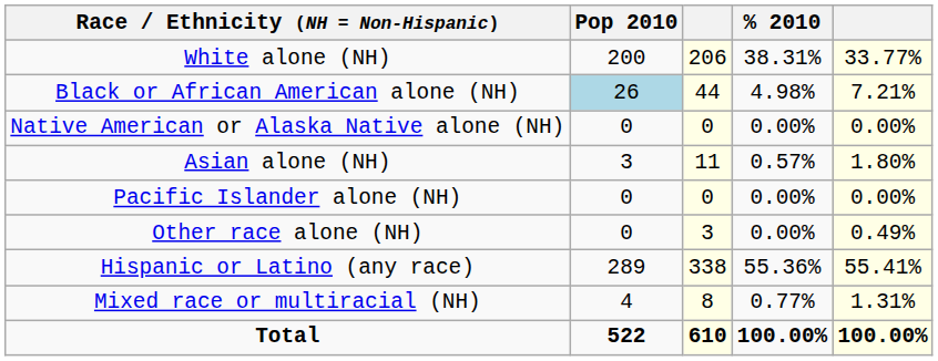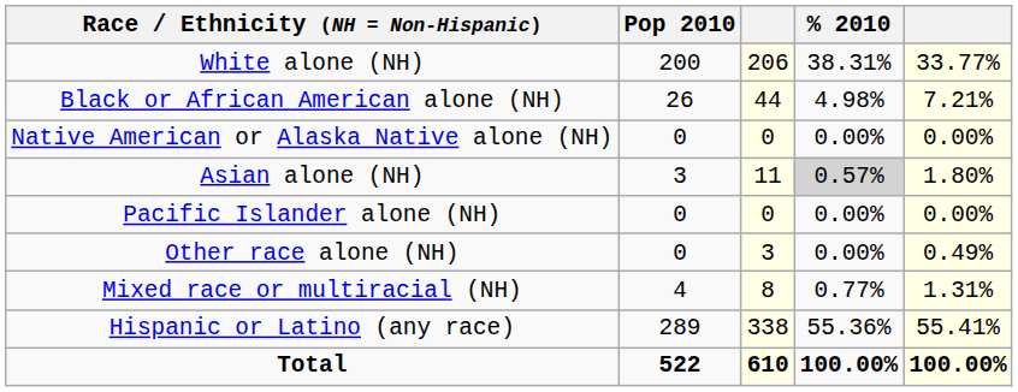 <table class="wikitable" style="text-align:center;">
 <tr>
 <th>Race / Ethnicity <small>(<em>NH = Non-Hispanic</em>)</small></th>
 <th>Pop 2010</th>
 <th></th>
 <th>% 2010</th>
 <th></th>
 </tr>
 <tr>
 <td><a href='#'>White</a> alone (NH)</td>
 <td>200</td>
 <td style='background: #ffffe6;'>206</td>
 <td>38.31%</td>
 <td style='background: #ffffe6;'>33.77%</td>
 </tr>
 <tr>
 <td><a href='#'>Black or African American</a> alone (NH)</td>
-<td style="background: lightblue;">26</td>
+<td>26</td>
 <td style='background: #ffffe6;'>44</td>
 <td>4.98%</td>
 <td style='background: #ffffe6;'>7.21%</td>
 </tr>
 <tr>
 <td><a href='#'>Native American</a> or <a href='#'>Alaska Native</a> alone (NH)</td>
 <td>0</td>
 <td style='background: #ffffe6;'>0</td>
 <td>0.00%</td>
 <td style='background: #ffffe6;'>0.00%</td>
 </tr>
 <tr>
 <td><a href='#'>Asian</a> alone (NH)</td>
 <td>3</td>
 <td style='background: #ffffe6;'>11</td>
-<td>0.57%</td>
+<td style="background: lightgrey;">0.57%</td>
 <td style='background: #ffffe6;'>1.80%</td>
 </tr>
 <tr>
 <td><a href='#'>Pacific Islander</a> alone (NH)</td>
 <td>0</td>
 <td style='background: #ffffe6;'>0</td>
 <td>0.00%</td>
 <td style='background: #ffffe6;'>0.00%</td>
 </tr>
 <tr>
 <td><a href='#'>Other race</a> alone (NH)</td>
 <td>0</td>
 <td style='background: #ffffe6;'>3</td>
 <td>0.00%</td>
 <td style='background: #ffffe6;'>0.49%</td>
 </tr>
 <tr>
+<td><a href='#'>Mixed race or multiracial</a> (NH)</td>
+<td>4</td>
+<td style='background: #ffffe6;'>8</td>
+<td>0.77%</td>
+<td style='background: #ffffe6;'>1.31%</td>
+</tr>
+<tr>
 <td><a href='#'>Hispanic or Latino</a> (any race)</td>
 <td>289</td>
 <td style='background: #ffffe6;'>338</td>
 <td>55.36%</td>
 <td style='background: #ffffe6;'>55.41%</td>
-</tr>
-<tr>
-<td><a href='#'>Mixed race or multiracial</a> (NH)</td>
-<td>4</td>
-<td style='background: #ffffe6;'>8</td>
-<td>0.77%</td>
-<td style='background: #ffffe6;'>1.31%</td>
 </tr>
 <tr>
 <td><strong>Total</strong></td>
 <td><strong>522</strong></td>
 <td style='background: #ffffe6;'><strong>610</strong></td>
 <td><strong>100.00%</strong></td>
 <td style='background: #ffffe6;'><strong>100.00%</strong></td>
 </tr>
 </table>
